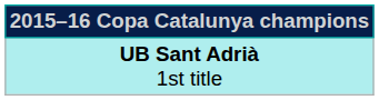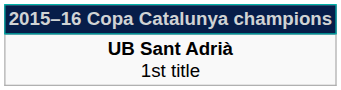 <table class=wikitable style="text-align:center; margin:auto">
 <tr>
 <th style="background: #071D49; color: #D0D3D4; border: 1px solid #00B2A9;">2015–16 Copa Catalunya champions</th>
 </tr>
 <tr>
-<td style="background: paleturquoise;"><strong>UB Sant Adrià</strong><br>1st title</td>
+<td><strong>UB Sant Adrià</strong><br>1st title</td>
 </tr>
 </table>
